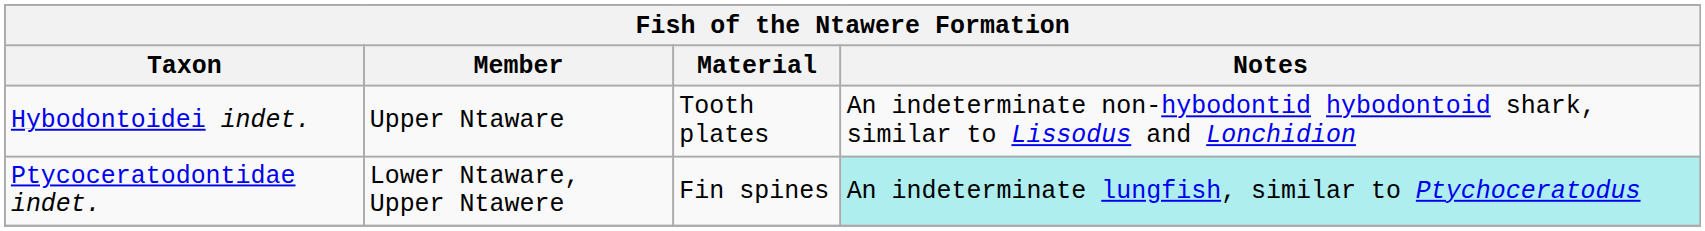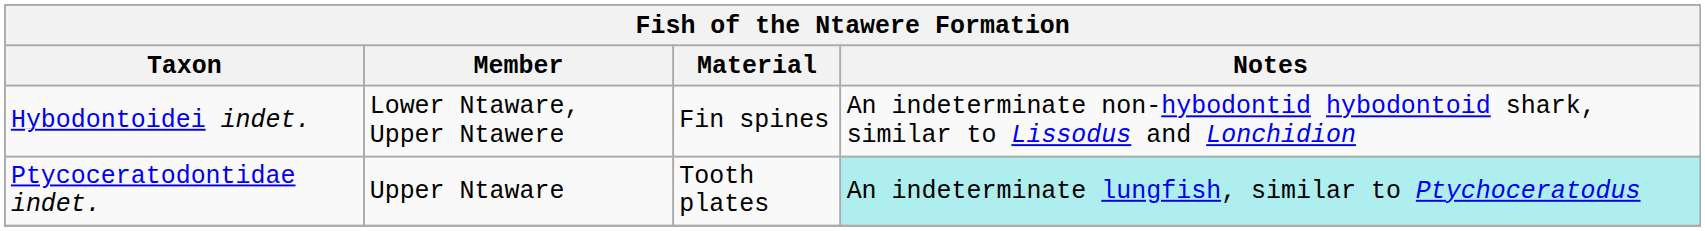 <table class="wikitable" align="center" width="100%">
 <tr>
 <th colspan="7" align="center"><strong>Fish of the Ntawere Formation</strong></th>
 </tr>
 <tr>
 <th>Taxon</th>
 <th>Member</th>
 <th>Material</th>
 <th>Notes</th>
 </tr>
 <tr>
 <td><a href='#'>Hybodontoidei</a> <em>indet.</em></td>
-<td>Upper Ntaware</td>
-<td>Tooth plates</td>
+<td>Lower Ntaware, Upper Ntawere</td>
+<td>Fin spines</td>
 <td>An indeterminate non-<a href='#'>hybodontid</a> <a href='#'>hybodontoid</a> shark, similar to <em><a href='#'>Lissodus</a></em> and <em><a href='#'>Lonchidion</a></em></td>
 </tr>
 <tr>
 <td><a href='#'>Ptycoceratodontidae</a> <em>indet.</em></td>
-<td>Lower Ntaware, Upper Ntawere</td>
-<td>Fin spines</td>
+<td>Upper Ntaware</td>
+<td>Tooth plates</td>
 <td style="background: paleturquoise;">An indeterminate <a href='#'>lungfish</a>, similar to <em><a href='#'>Ptychoceratodus</a></em></td>
 </tr>
 <tr>
 </tr>
 </table>
